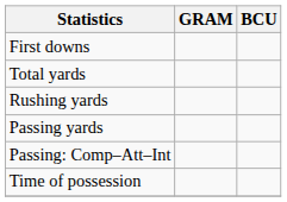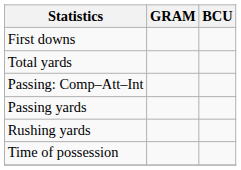 <table class="wikitable" style="float: left;">
 <tr>
 <th>Statistics</th>
 <th>GRAM</th>
 <th>BCU</th>
 </tr>
 <tr>
 <td>First downs</td>
 <td></td>
 <td></td>
 </tr>
 <tr>
 <td>Total yards</td>
 <td></td>
 <td></td>
 </tr>
 <tr>
-<td>Rushing yards</td>
+<td>Passing: Comp–Att–Int</td>
 <td></td>
 <td></td>
 </tr>
 <tr>
 <td>Passing yards</td>
 <td></td>
 <td></td>
 </tr>
 <tr>
-<td>Passing: Comp–Att–Int</td>
+<td>Rushing yards</td>
 <td></td>
 <td></td>
 </tr>
 <tr>
 <td>Time of possession</td>
 <td></td>
 <td></td>
 </tr>
 <tr>
 </tr>
 </table>
